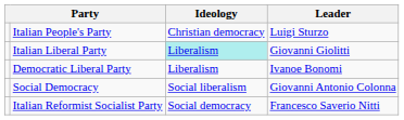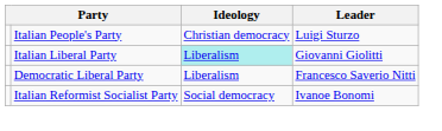 <table class=wikitable style="font-size:100%">
 <tr>
 <th colspan=2>Party</th>
 <th>Ideology</th>
 <th>Leader</th>
 </tr>
 <tr>
 <td style="color:inherit;background:"></td>
 <td><a href='#'>Italian People's Party</a></td>
 <td><a href='#'>Christian democracy</a></td>
 <td><a href='#'>Luigi Sturzo</a></td>
 </tr>
 <tr>
 <td style="color:inherit;background:"></td>
 <td><a href='#'>Italian Liberal Party</a></td>
 <td style="background: paleturquoise;"><a href='#'>Liberalism</a></td>
 <td><a href='#'>Giovanni Giolitti</a></td>
 </tr>
 <tr>
 <td style="color:inherit;background:"></td>
 <td><a href='#'>Democratic Liberal Party</a></td>
 <td><a href='#'>Liberalism</a></td>
-<td><a href='#'>Ivanoe Bonomi</a></td>
-</tr>
-<tr>
-<td style="color:inherit;background:"></td>
-<td><a href='#'>Social Democracy</a></td>
-<td><a href='#'>Social liberalism</a></td>
-<td><a href='#'>Giovanni Antonio Colonna</a></td>
+<td><a href='#'>Francesco Saverio Nitti</a></td>
 </tr>
 <tr>
 <td style="color:inherit;background:"></td>
 <td><a href='#'>Italian Reformist Socialist Party</a></td>
 <td><a href='#'>Social democracy</a></td>
-<td><a href='#'>Francesco Saverio Nitti</a></td>
+<td><a href='#'>Ivanoe Bonomi</a></td>
 </tr>
 </table>
